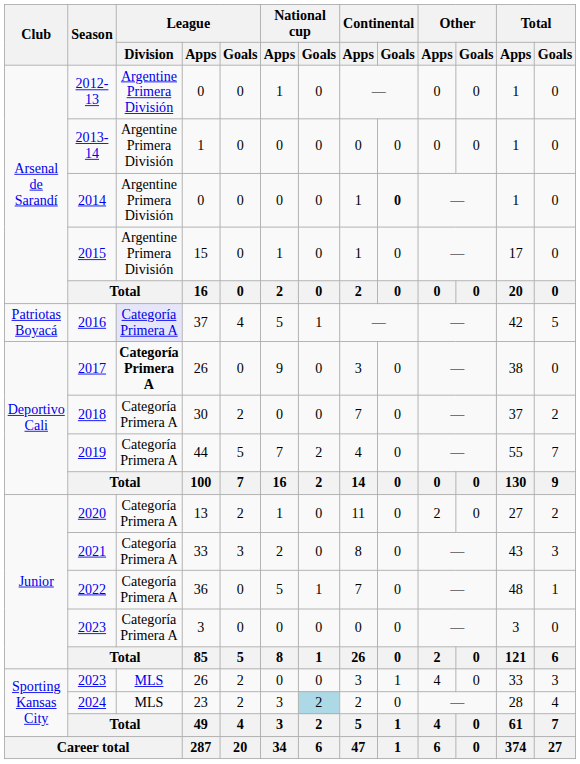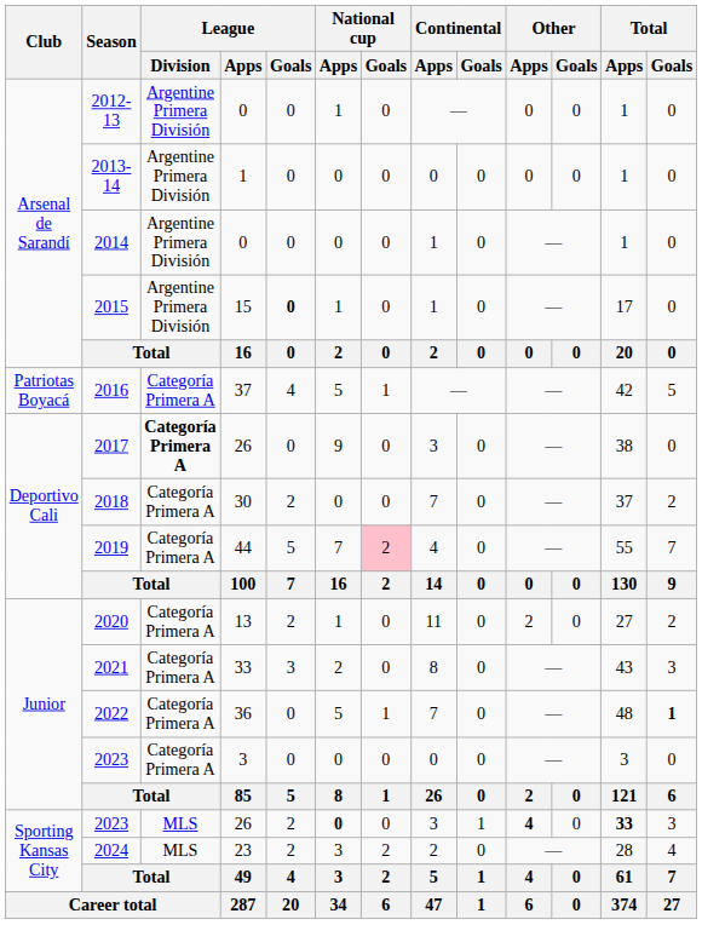 <table class="wikitable" style="text-align:center">
 <tr>
 <th rowspan="2">Club</th>
 <th rowspan="2">Season</th>
 <th colspan="3">League</th>
 <th colspan="2">National cup</th>
 <th colspan="2">Continental</th>
 <th colspan="2">Other</th>
 <th colspan="2">Total</th>
 </tr>
 <tr>
 <th>Division</th>
 <th>Apps</th>
 <th>Goals</th>
 <th>Apps</th>
 <th>Goals</th>
 <th>Apps</th>
 <th>Goals</th>
 <th>Apps</th>
 <th>Goals</th>
 <th>Apps</th>
 <th>Goals</th>
 </tr>
 <tr>
 <td rowspan="5"><a href='#'>Arsenal de Sarandí</a></td>
 <td><a href='#'>2012-13</a></td>
 <td><a href='#'>Argentine Primera División</a></td>
 <td>0</td>
 <td>0</td>
 <td>1</td>
 <td>0</td>
 <td colspan="2">—</td>
 <td>0</td>
 <td>0</td>
 <td>1</td>
 <td>0</td>
 </tr>
 <tr>
 <td><a href='#'>2013-14</a></td>
 <td>Argentine Primera División</td>
 <td>1</td>
 <td>0</td>
 <td>0</td>
 <td>0</td>
 <td>0</td>
 <td>0</td>
 <td>0</td>
 <td>0</td>
 <td>1</td>
 <td>0</td>
 </tr>
 <tr>
 <td><a href='#'>2014</a></td>
 <td>Argentine Primera División</td>
 <td>0</td>
 <td>0</td>
 <td>0</td>
 <td>0</td>
 <td>1</td>
-<td><strong>0</strong></td>
+<td>0</td>
 <td colspan="2">—</td>
 <td>1</td>
 <td>0</td>
 </tr>
 <tr>
 <td><a href='#'>2015</a></td>
 <td>Argentine Primera División</td>
 <td>15</td>
-<td>0</td>
+<td><strong>0</strong></td>
 <td>1</td>
 <td>0</td>
 <td>1</td>
 <td>0</td>
 <td colspan="2">—</td>
 <td>17</td>
 <td>0</td>
 </tr>
 <tr>
 <th colspan="2">Total</th>
 <th>16</th>
 <th>0</th>
 <th>2</th>
 <th>0</th>
 <th>2</th>
 <th>0</th>
 <th>0</th>
 <th>0</th>
 <th>20</th>
 <th>0</th>
 </tr>
 <tr>
 <td><a href='#'>Patriotas Boyacá</a></td>
 <td><a href='#'>2016</a></td>
-<td style="background: lavender;"><a href='#'>Categoría Primera A</a></td>
+<td><a href='#'>Categoría Primera A</a></td>
 <td>37</td>
 <td>4</td>
 <td>5</td>
 <td>1</td>
 <td colspan="2">—</td>
 <td colspan="2">—</td>
 <td>42</td>
 <td>5</td>
 </tr>
 <tr>
 <td rowspan="4"><a href='#'>Deportivo Cali</a></td>
 <td><a href='#'>2017</a></td>
 <td><strong>Categoría Primera A</strong></td>
 <td>26</td>
 <td>0</td>
 <td>9</td>
 <td>0</td>
 <td>3</td>
 <td>0</td>
 <td colspan="2">—</td>
 <td>38</td>
 <td>0</td>
 </tr>
 <tr>
 <td><a href='#'>2018</a></td>
 <td>Categoría Primera A</td>
 <td>30</td>
 <td>2</td>
 <td>0</td>
 <td>0</td>
 <td>7</td>
 <td>0</td>
 <td colspan="2">—</td>
 <td>37</td>
 <td>2</td>
 </tr>
 <tr>
 <td><a href='#'>2019</a></td>
 <td>Categoría Primera A</td>
 <td>44</td>
 <td>5</td>
 <td>7</td>
-<td>2</td>
+<td style="background: pink;">2</td>
 <td>4</td>
 <td>0</td>
 <td colspan="2">—</td>
 <td>55</td>
 <td>7</td>
 </tr>
 <tr>
 <th colspan="2">Total</th>
 <th>100</th>
 <th>7</th>
 <th>16</th>
 <th>2</th>
 <th>14</th>
 <th>0</th>
 <th>0</th>
 <th>0</th>
 <th>130</th>
 <th>9</th>
 </tr>
 <tr>
 <td rowspan="5"><a href='#'>Junior</a></td>
 <td><a href='#'>2020</a></td>
 <td>Categoría Primera A</td>
 <td>13</td>
 <td>2</td>
 <td>1</td>
 <td>0</td>
 <td>11</td>
 <td>0</td>
 <td>2</td>
 <td>0</td>
 <td>27</td>
 <td>2</td>
 </tr>
 <tr>
 <td><a href='#'>2021</a></td>
 <td>Categoría Primera A</td>
 <td>33</td>
 <td>3</td>
 <td>2</td>
 <td>0</td>
 <td>8</td>
 <td>0</td>
 <td colspan="2">—</td>
 <td>43</td>
 <td>3</td>
 </tr>
 <tr>
 <td><a href='#'>2022</a></td>
 <td>Categoría Primera A</td>
 <td>36</td>
 <td>0</td>
 <td>5</td>
 <td>1</td>
 <td>7</td>
 <td>0</td>
 <td colspan="2">—</td>
 <td>48</td>
-<td>1</td>
+<td><strong>1</strong></td>
 </tr>
 <tr>
 <td><a href='#'>2023</a></td>
 <td>Categoría Primera A</td>
 <td>3</td>
 <td>0</td>
 <td>0</td>
 <td>0</td>
 <td>0</td>
 <td>0</td>
 <td colspan="2">—</td>
 <td>3</td>
 <td>0</td>
 </tr>
 <tr>
 <th colspan="2">Total</th>
 <th>85</th>
 <th>5</th>
 <th>8</th>
 <th>1</th>
 <th>26</th>
 <th>0</th>
 <th>2</th>
 <th>0</th>
 <th>121</th>
 <th>6</th>
 </tr>
 <tr>
 <td rowspan="3"><a href='#'>Sporting Kansas City</a></td>
 <td><a href='#'>2023</a></td>
 <td><a href='#'>MLS</a></td>
 <td>26</td>
 <td>2</td>
-<td>0</td>
+<td><strong>0</strong></td>
 <td>0</td>
 <td>3</td>
 <td>1</td>
-<td>4</td>
+<td><strong>4</strong></td>
 <td>0</td>
-<td>33</td>
+<td><strong>33</strong></td>
 <td>3</td>
 </tr>
 <tr>
 <td><a href='#'>2024</a></td>
 <td>MLS</td>
 <td>23</td>
 <td>2</td>
 <td>3</td>
-<td style="background: lightblue;">2</td>
+<td>2</td>
 <td>2</td>
 <td>0</td>
 <td colspan="2">—</td>
 <td>28</td>
 <td>4</td>
 </tr>
 <tr>
 <th colspan="2">Total</th>
 <th>49</th>
 <th>4</th>
 <th>3</th>
 <th>2</th>
 <th>5</th>
 <th>1</th>
 <th>4</th>
 <th>0</th>
 <th>61</th>
 <th>7</th>
 </tr>
 <tr>
 <th colspan="3">Career total</th>
 <th>287</th>
 <th>20</th>
 <th>34</th>
 <th>6</th>
 <th>47</th>
 <th>1</th>
 <th>6</th>
 <th>0</th>
 <th>374</th>
 <th>27</th>
 </tr>
 </table>
